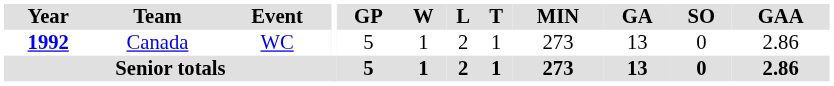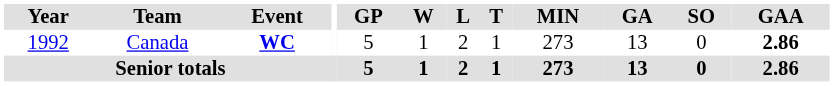 <table border="0" cellpadding="1" cellspacing="0" ID="Table3" style="text-align:center; width:40em">
 <tr ALIGN="center" bgcolor="#e0e0e0">
 <th>Year</th>
 <th>Team</th>
 <th>Event</th>
 <th rowspan="99" bgcolor="#ffffff"></th>
 <th>GP</th>
 <th>W</th>
 <th>L</th>
 <th>T</th>
 <th>MIN</th>
 <th>GA</th>
 <th>SO</th>
 <th>GAA</th>
 </tr>
 <tr>
-<td><strong><a href='#'>1992</a></strong></td>
+<td><a href='#'>1992</a></td>
 <td><a href='#'>Canada</a></td>
-<td><a href='#'>WC</a></td>
+<td><strong><a href='#'>WC</a></strong></td>
 <td>5</td>
 <td>1</td>
 <td>2</td>
 <td>1</td>
 <td>273</td>
 <td>13</td>
 <td>0</td>
-<td>2.86</td>
+<td><strong>2.86</strong></td>
 </tr>
 <tr bgcolor="#e0e0e0">
 <th colspan=4>Senior totals</th>
 <th>5</th>
 <th>1</th>
 <th>2</th>
 <th>1</th>
 <th>273</th>
 <th>13</th>
 <th>0</th>
 <th>2.86</th>
 </tr>
 </table>
